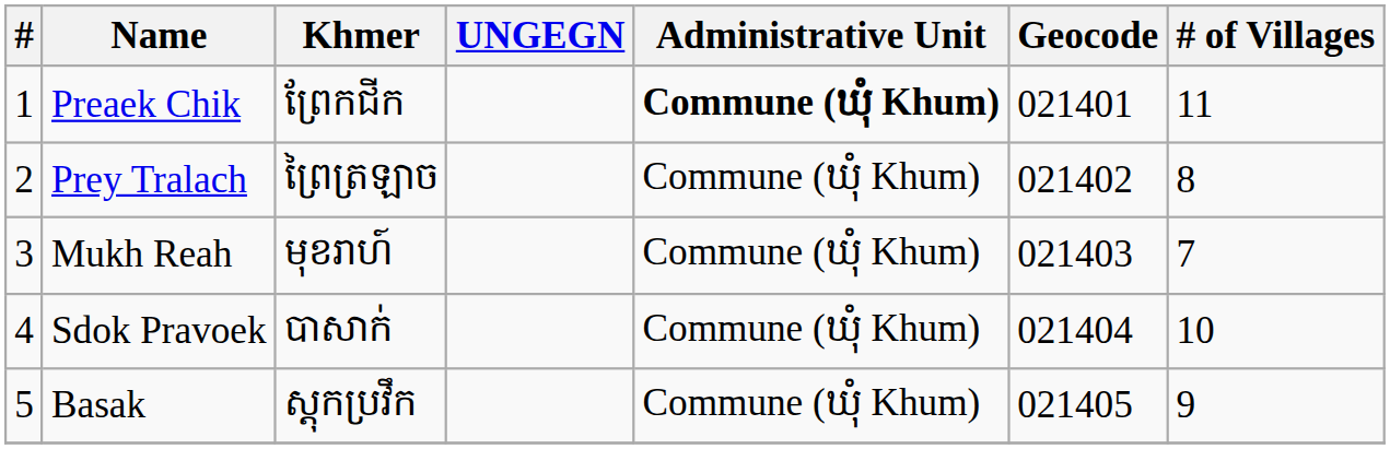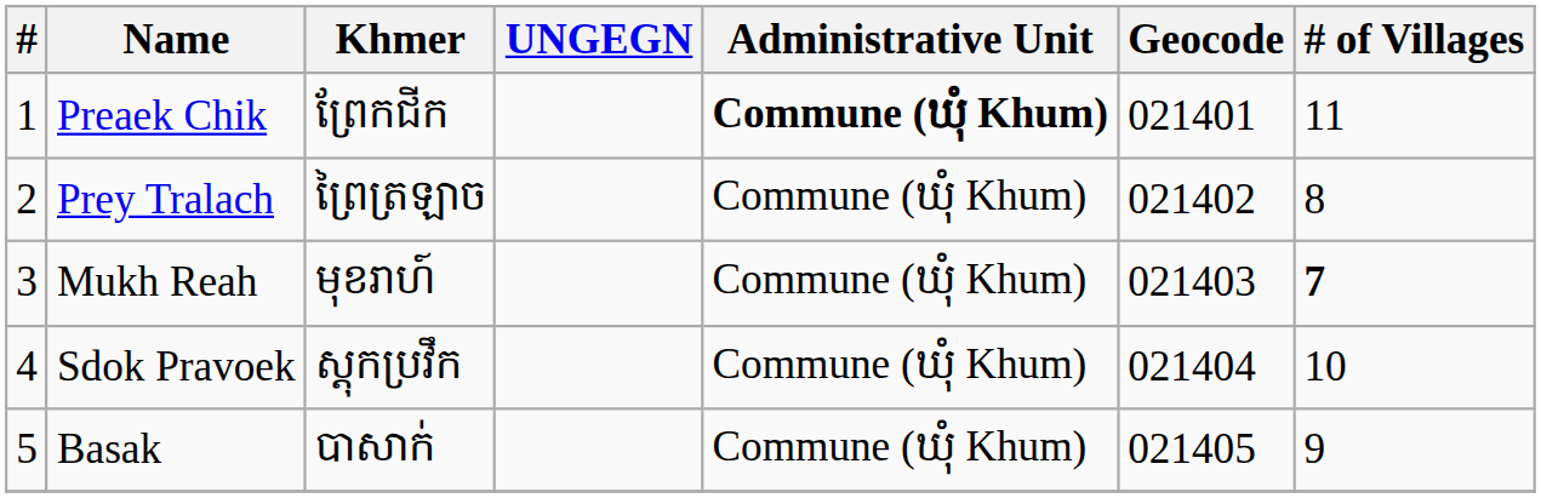 <table class="wikitable sortable">
 <tr>
 <th>#</th>
 <th>Name</th>
 <th>Khmer</th>
 <th><a href='#'>UNGEGN</a></th>
 <th>Administrative Unit</th>
 <th>Geocode</th>
 <th># of Villages</th>
 </tr>
 <tr>
 <td>1</td>
 <td><a href='#'>Preaek Chik</a></td>
 <td>ព្រែកជីក</td>
 <td></td>
 <td><strong>Commune (ឃុំ Khum)</strong></td>
 <td>021401</td>
 <td>11</td>
 </tr>
 <tr>
 <td>2</td>
 <td><a href='#'>Prey Tralach</a></td>
 <td>ព្រៃត្រឡាច</td>
 <td></td>
 <td>Commune (ឃុំ Khum)</td>
 <td>021402</td>
 <td>8</td>
 </tr>
 <tr>
 <td>3</td>
 <td>Mukh Reah</td>
 <td>មុខរាហ៍</td>
 <td></td>
 <td>Commune (ឃុំ Khum)</td>
 <td>021403</td>
-<td>7</td>
+<td><strong>7</strong></td>
 </tr>
 <tr>
 <td>4</td>
 <td>Sdok Pravoek</td>
-<td>បាសាក់</td>
+<td>ស្តុកប្រវឹក</td>
 <td></td>
 <td>Commune (ឃុំ Khum)</td>
 <td>021404</td>
 <td>10</td>
 </tr>
 <tr>
 <td>5</td>
 <td>Basak</td>
-<td>ស្តុកប្រវឹក</td>
+<td>បាសាក់</td>
 <td></td>
 <td>Commune (ឃុំ Khum)</td>
 <td>021405</td>
 <td>9</td>
 </tr>
 <tr>
 </tr>
 </table>
